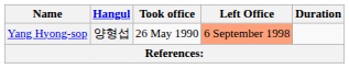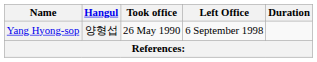 <table class="wikitable sortable">
 <tr>
 <th>Name</th>
 <th class="unsortable"><a href='#'>Hangul</a></th>
 <th>Took office</th>
 <th>Left Office</th>
 <th>Duration</th>
 </tr>
 <tr>
 <th align="center" scope="row" style="font-weight:normal;"><a href='#'>Yang Hyong-sop</a></th>
 <th align="center" scope="row" style="font-weight:normal;">양형섭</th>
 <td align="center">26 May 1990</td>
-<td align="center" style="background: lightsalmon;">6 September 1998</td>
+<td align="center">6 September 1998</td>
 <td align="center"></td>
 </tr>
 <tr>
 <th colspan="5" unsortable><strong>References:</strong><br></th>
 </tr>
 </table>
